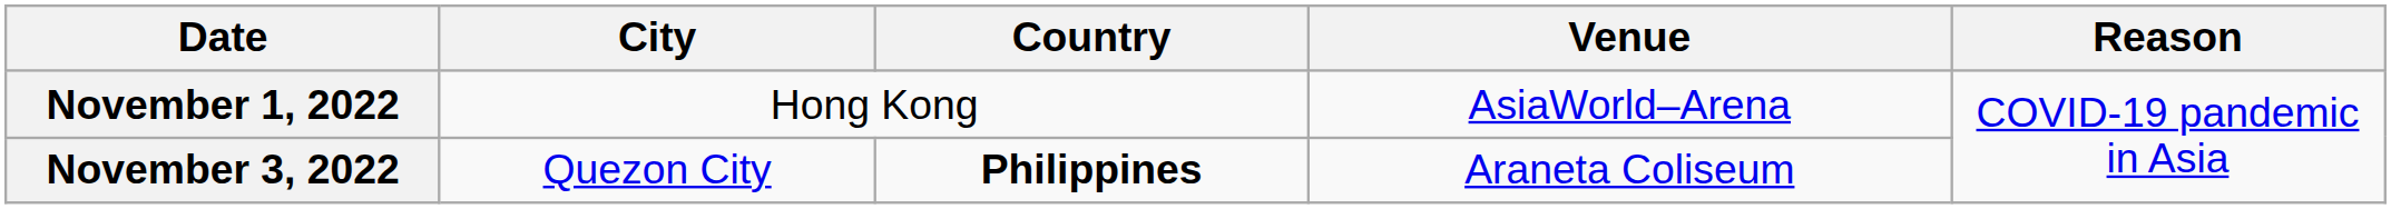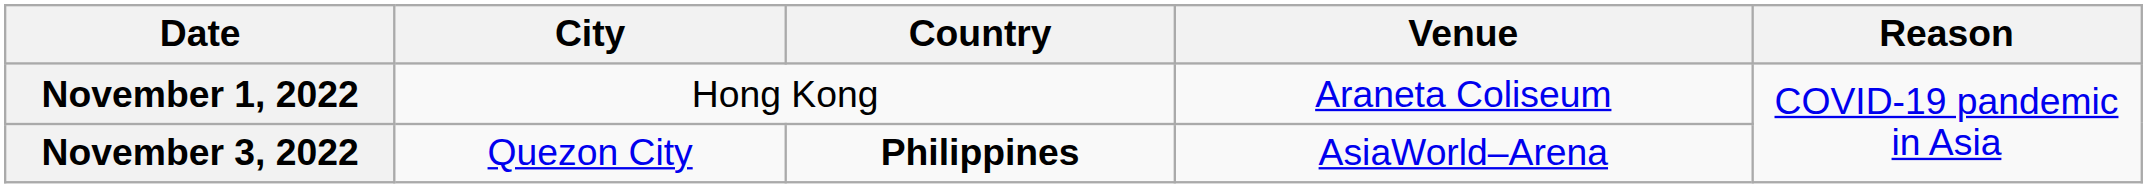 <table class="wikitable plainrowheaders" style="text-align:center;">
 <tr>
 <th scope="col" style="width:10em;">Date</th>
 <th scope="col" style="width:10em;">City</th>
 <th scope="col" style="width:10em;">Country</th>
 <th scope="col" style="width:15em;">Venue</th>
 <th scope="col" style="width:10em;">Reason</th>
 </tr>
 <tr>
 <th scope="row" style="text-align:center;">November 1, 2022</th>
 <td colspan="2">Hong Kong</td>
-<td><a href='#'>AsiaWorld–Arena</a></td>
+<td><a href='#'>Araneta Coliseum</a></td>
 <td rowspan="2"><a href='#'>COVID-19 pandemic in Asia</a></td>
 </tr>
 <tr>
 <th scope="row" style="text-align:center;">November 3, 2022</th>
 <td><a href='#'>Quezon City</a></td>
 <td><strong>Philippines</strong></td>
-<td><a href='#'>Araneta Coliseum</a></td>
+<td><a href='#'>AsiaWorld–Arena</a></td>
 </tr>
 </table>
